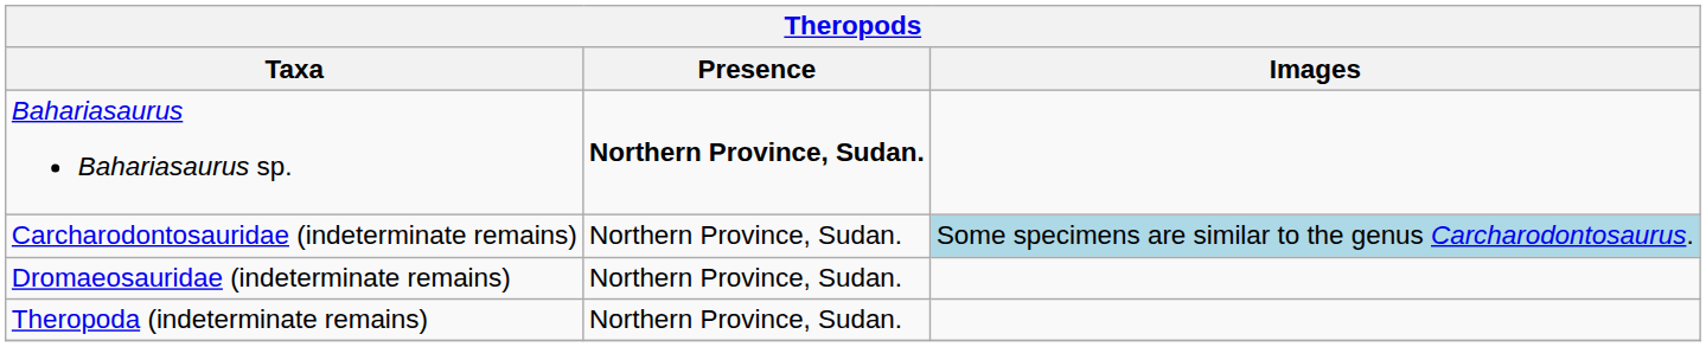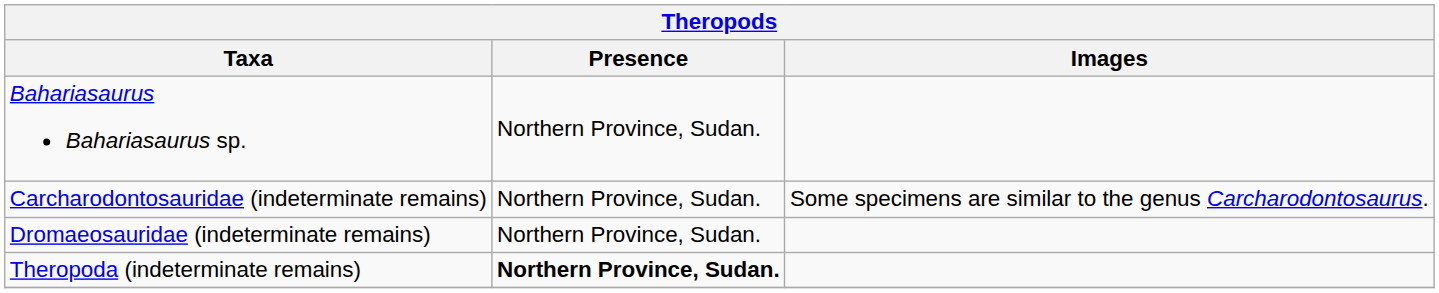 <table class="wikitable" align="center">
 <tr>
 <th colspan="4" align="center"><strong><a href='#'>Theropods</a></strong></th>
 </tr>
 <tr>
 <th>Taxa</th>
 <th>Presence</th>
 <th>Images</th>
 </tr>
 <tr>
 <td><em><a href='#'>Bahariasaurus</a></em><br><ul><li><em>Bahariasaurus</em> sp.</li></ul></td>
-<td><strong>Northern Province, Sudan.</strong></td>
+<td>Northern Province, Sudan.</td>
 <td></td>
 </tr>
 <tr>
 <td><a href='#'>Carcharodontosauridae</a> (indeterminate remains)</td>
 <td>Northern Province, Sudan.</td>
-<td style="background: lightblue;">Some specimens are similar to the genus <em><a href='#'>Carcharodontosaurus</a></em>.</td>
+<td>Some specimens are similar to the genus <em><a href='#'>Carcharodontosaurus</a></em>.</td>
 </tr>
 <tr>
 <td><a href='#'>Dromaeosauridae</a> (indeterminate remains)</td>
 <td>Northern Province, Sudan.</td>
 <td></td>
 </tr>
 <tr>
 <td><a href='#'>Theropoda</a> (indeterminate remains)</td>
-<td>Northern Province, Sudan.</td>
+<td><strong>Northern Province, Sudan.</strong></td>
 <td></td>
 </tr>
 <tr>
 </tr>
 </table>
